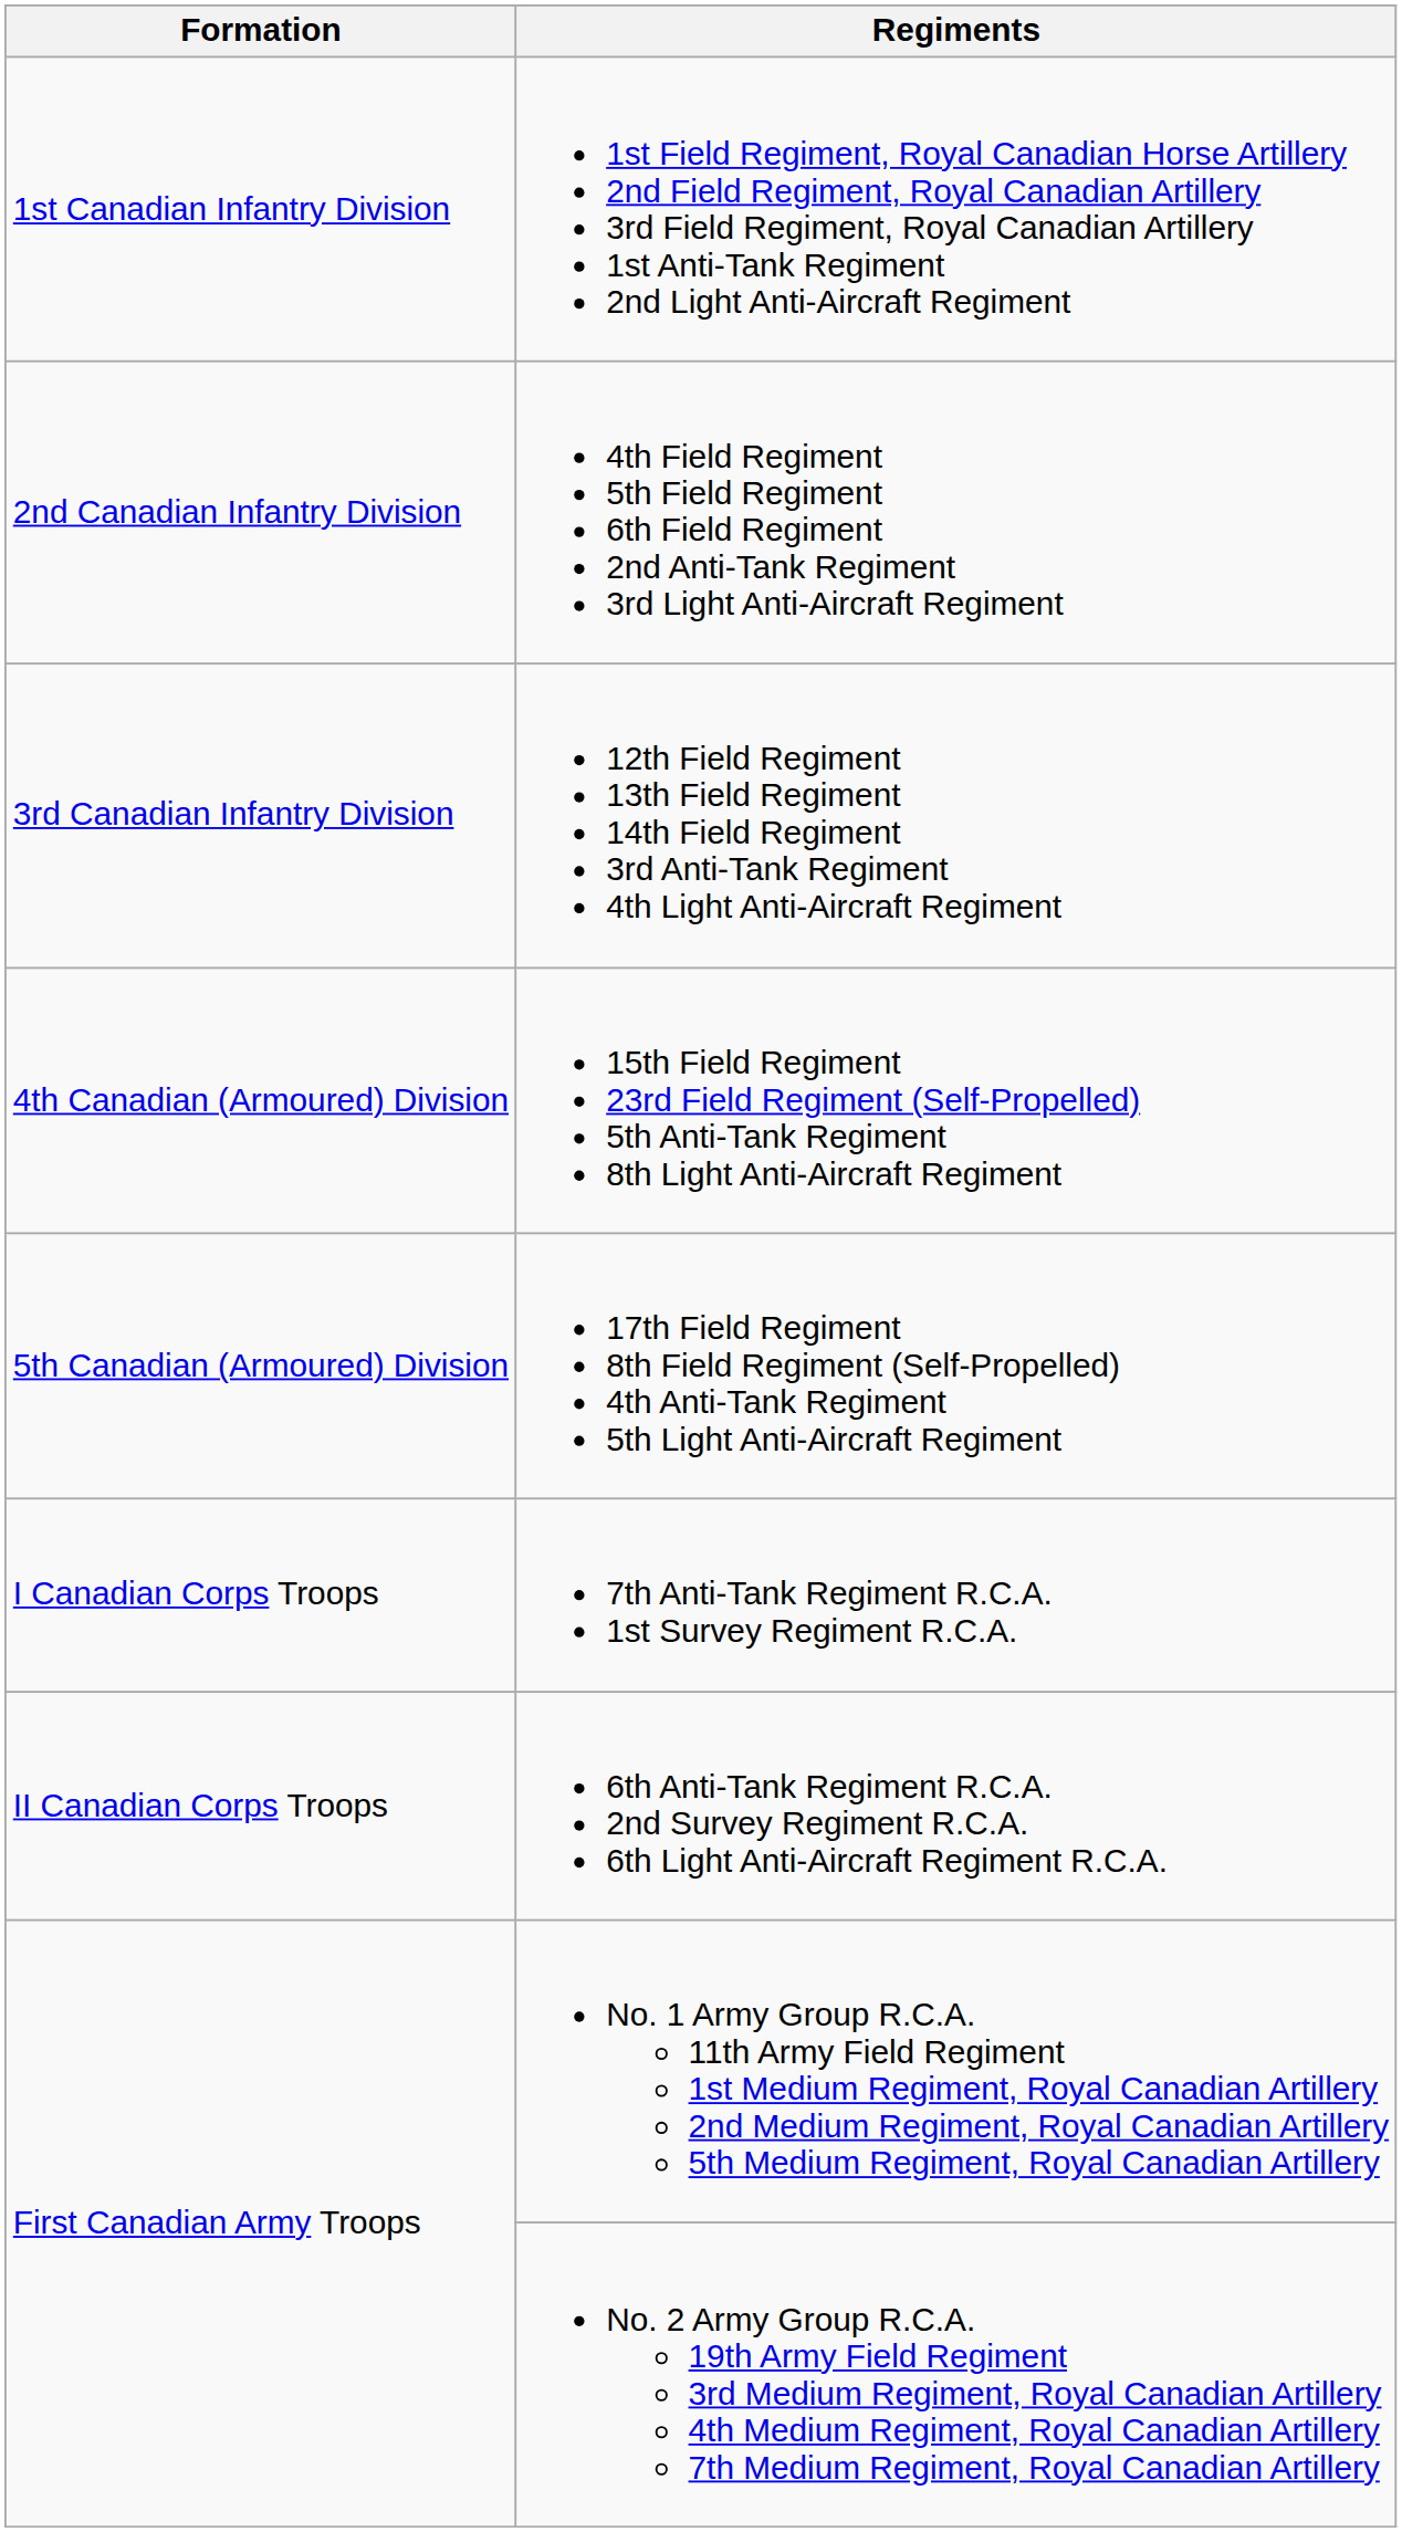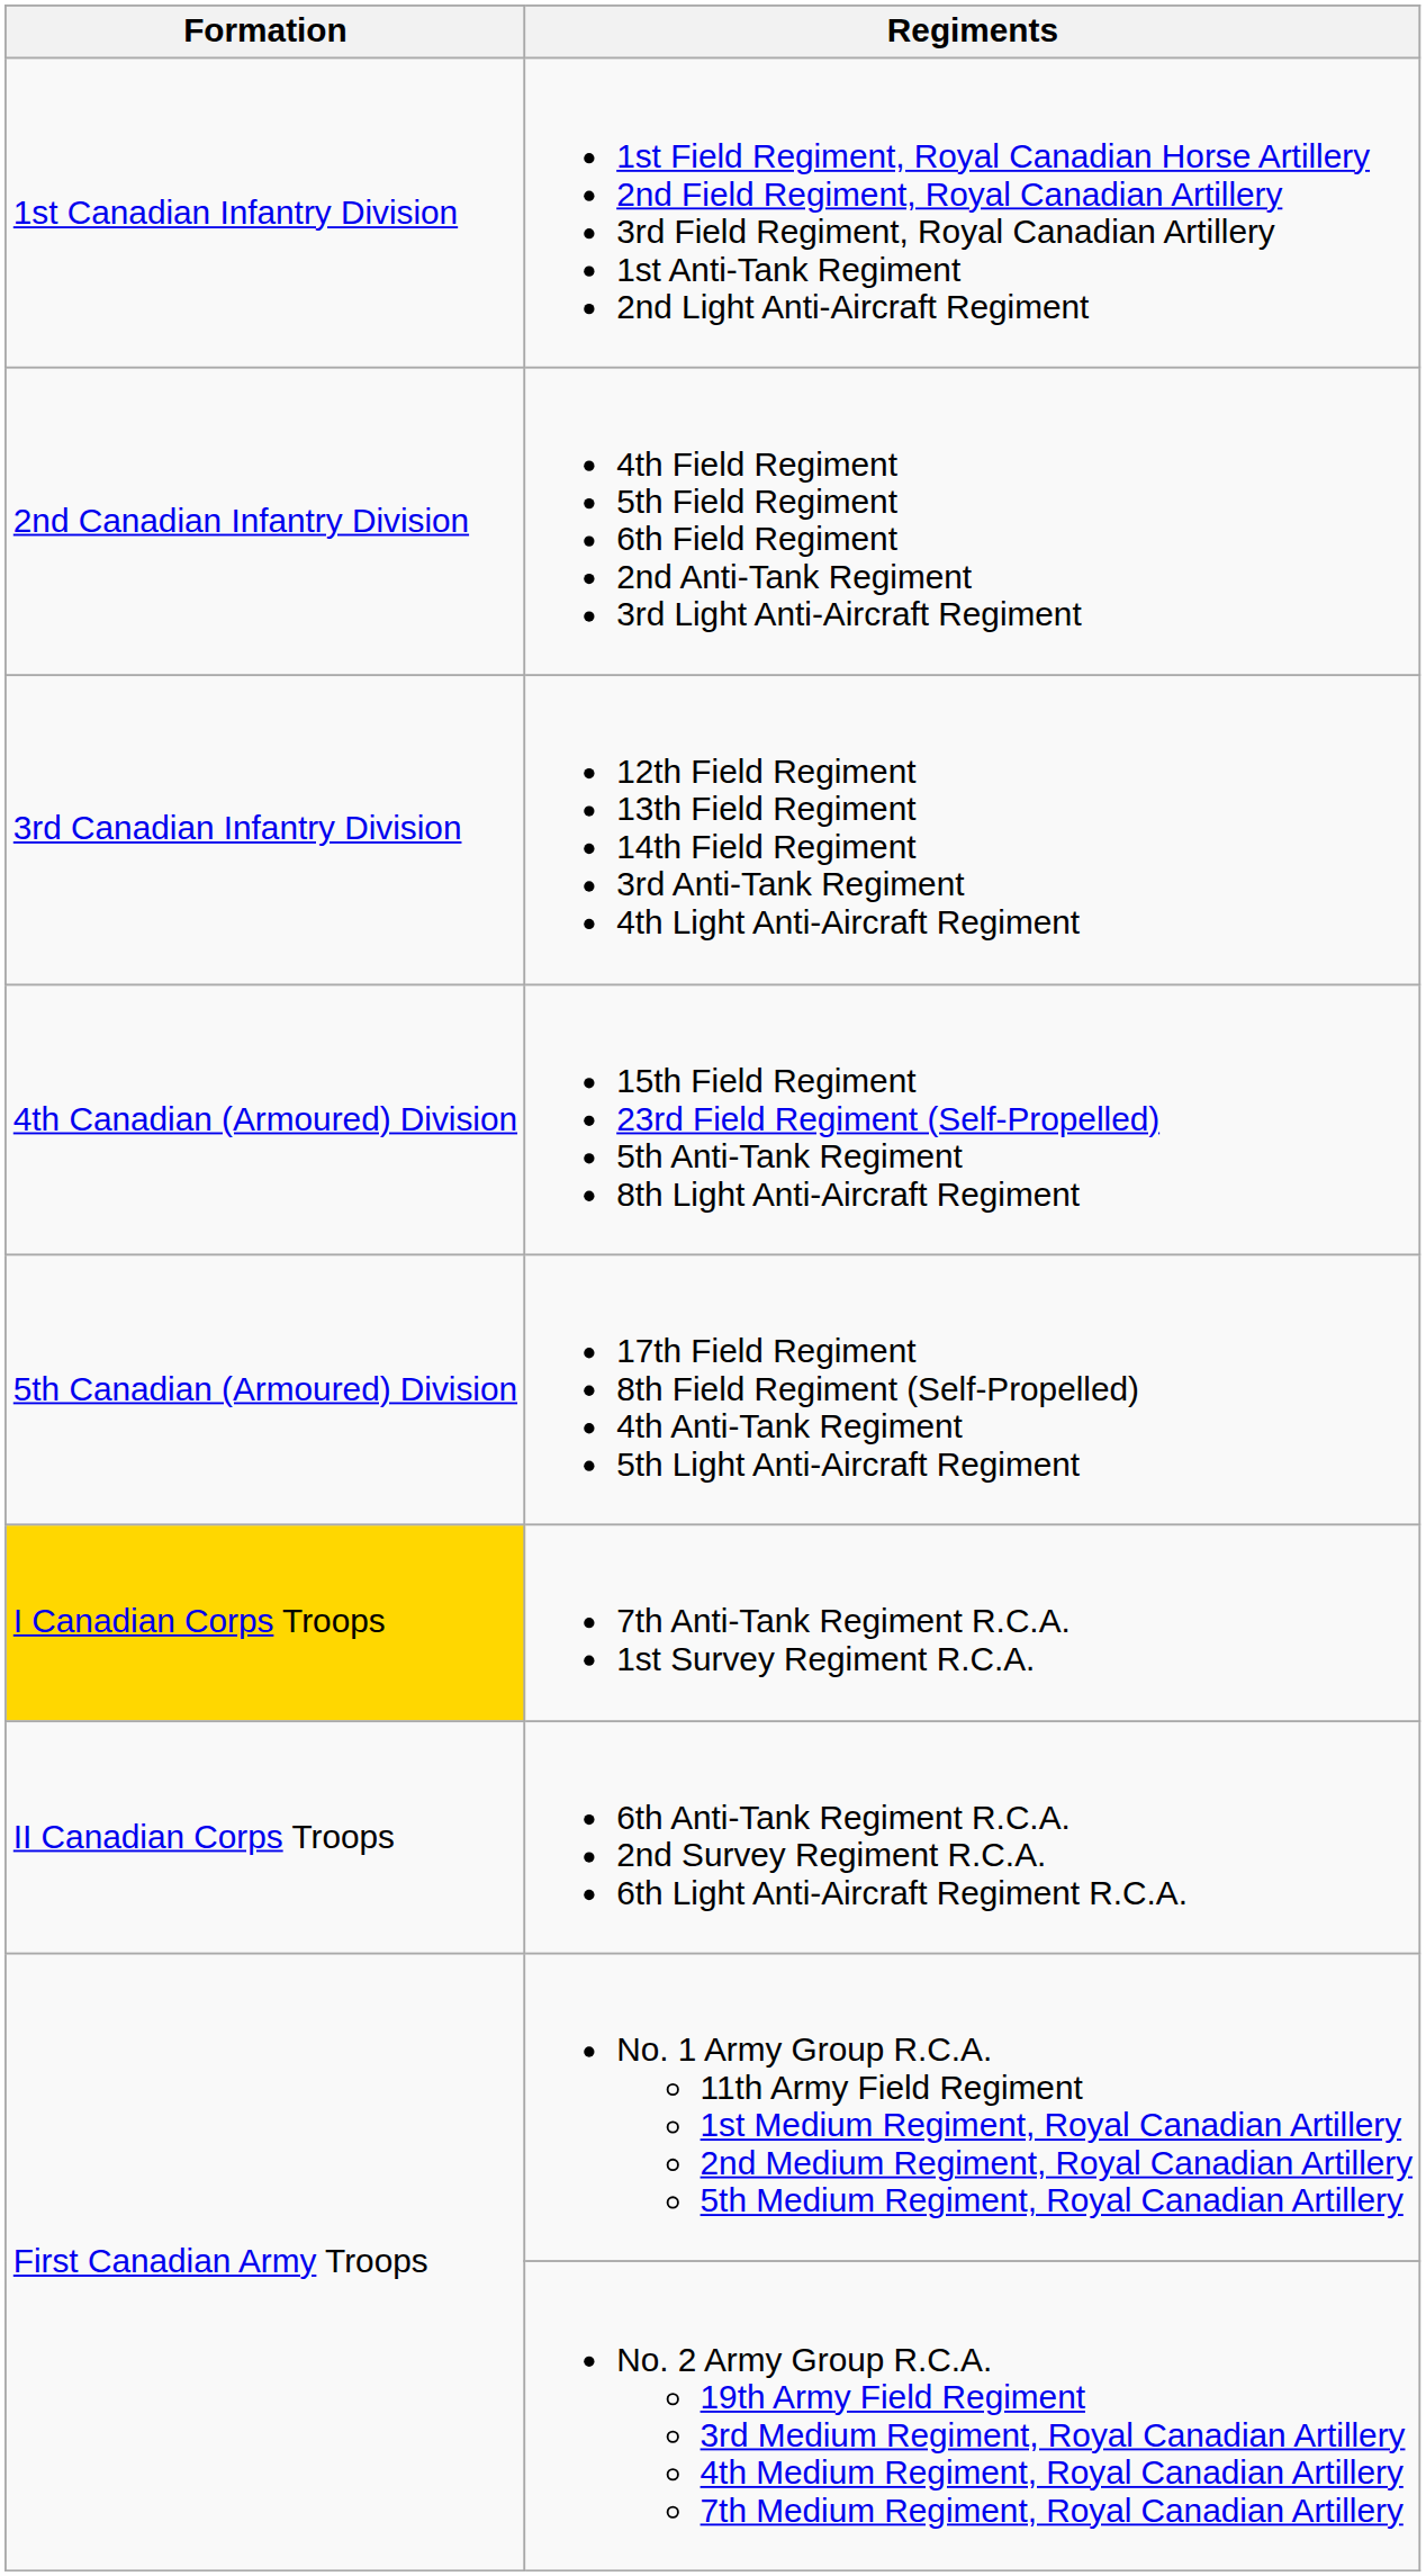 <table class="wikitable">
 <tr>
 <th>Formation</th>
 <th>Regiments</th>
 </tr>
 <tr>
 <td><a href='#'>1st Canadian Infantry Division</a></td>
 <td><br><ul><li><a href='#'>1st Field Regiment, Royal Canadian Horse Artillery</a></li><li><a href='#'>2nd Field Regiment, Royal Canadian Artillery</a></li><li>3rd Field Regiment, Royal Canadian Artillery</li><li>1st Anti-Tank Regiment</li><li>2nd Light Anti-Aircraft Regiment</li></ul></td>
 </tr>
 <tr>
 <td><a href='#'>2nd Canadian Infantry Division</a></td>
 <td><br><ul><li>4th Field Regiment</li><li>5th Field Regiment</li><li>6th Field Regiment</li><li>2nd Anti-Tank Regiment</li><li>3rd Light Anti-Aircraft Regiment</li></ul></td>
 </tr>
 <tr>
 <td><a href='#'>3rd Canadian Infantry Division</a></td>
 <td><br><ul><li>12th Field Regiment</li><li>13th Field Regiment</li><li>14th Field Regiment</li><li>3rd Anti-Tank Regiment</li><li>4th Light Anti-Aircraft Regiment</li></ul></td>
 </tr>
 <tr>
 <td><a href='#'>4th Canadian (Armoured) Division</a></td>
 <td><br><ul><li>15th Field Regiment</li><li><a href='#'>23rd Field Regiment (Self-Propelled)</a></li><li>5th Anti-Tank Regiment</li><li>8th Light Anti-Aircraft Regiment</li></ul></td>
 </tr>
 <tr>
 <td><a href='#'>5th Canadian (Armoured) Division</a></td>
 <td><br><ul><li>17th Field Regiment</li><li>8th Field Regiment (Self-Propelled)</li><li>4th Anti-Tank Regiment</li><li>5th Light Anti-Aircraft Regiment</li></ul></td>
 </tr>
 <tr>
-<td><a href='#'>I Canadian Corps</a> Troops</td>
+<td style="background: gold;"><a href='#'>I Canadian Corps</a> Troops</td>
 <td><br><ul><li>7th Anti-Tank Regiment R.C.A.</li><li>1st Survey Regiment R.C.A.</li></ul></td>
 </tr>
 <tr>
 <td><a href='#'>II Canadian Corps</a> Troops</td>
 <td><br><ul><li>6th Anti-Tank Regiment R.C.A.</li><li>2nd Survey Regiment R.C.A.</li><li>6th Light Anti-Aircraft Regiment R.C.A.</li></ul></td>
 </tr>
 <tr>
 <td rowspan="2"><a href='#'>First Canadian Army</a> Troops</td>
 <td><br><ul><li>No. 1 Army Group R.C.A.<ul><li>11th Army Field Regiment</li><li><a href='#'>1st Medium Regiment, Royal Canadian Artillery</a></li><li><a href='#'>2nd Medium Regiment, Royal Canadian Artillery</a></li><li><a href='#'>5th Medium Regiment, Royal Canadian Artillery</a></li></ul></li></ul></td>
 </tr>
 <tr>
 <td><br><ul><li>No. 2 Army Group R.C.A.<ul><li><a href='#'>19th Army Field Regiment</a></li><li><a href='#'>3rd Medium Regiment, Royal Canadian Artillery</a></li><li><a href='#'>4th Medium Regiment, Royal Canadian Artillery</a></li><li><a href='#'>7th Medium Regiment, Royal Canadian Artillery</a></li></ul></li></ul></td>
 </tr>
 </table>
